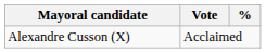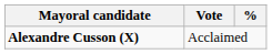 <table class="wikitable">
 <tr>
 <th bgcolor="#DDDDFF" width="200px">Mayoral candidate</th>
 <th bgcolor="#DDDDFF" width="50px">Vote</th>
 <th bgcolor="#DDDDFF"  width="30px">%</th>
 </tr>
 <tr>
-<td>Alexandre Cusson (X)</td>
+<td><strong>Alexandre Cusson (X)</strong></td>
 <td colspan="2">Acclaimed</td>
 </tr>
 </table>
